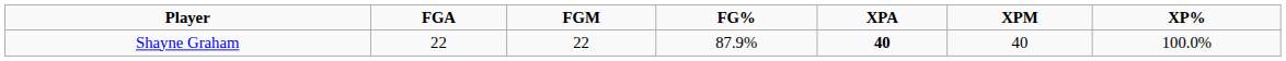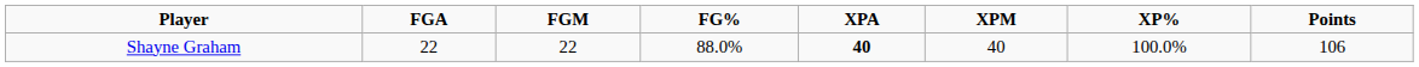 <table class="wikitable" style="width:80%;">
 <tr style="text-align:center; ">
 <td><strong>Player</strong></td>
 <td><strong>FGA</strong></td>
 <td><strong>FGM</strong></td>
 <td><strong>FG%</strong></td>
 <td><strong>XPA</strong></td>
 <td><strong>XPM</strong></td>
 <td><strong>XP%</strong></td>
+<td><strong>Points</strong></td>
 </tr>
 <tr style="text-align:center;" bgcolor="">
 <td><a href='#'>Shayne Graham</a></td>
 <td>22</td>
 <td>22</td>
-<td>87.9%</td>
+<td>88.0%</td>
 <td><strong>40</strong></td>
 <td>40</td>
 <td>100.0%</td>
+<td>106</td>
 </tr>
 </table>
